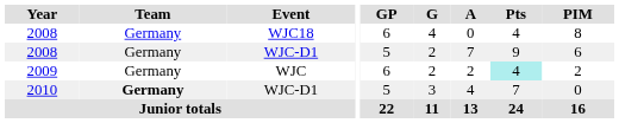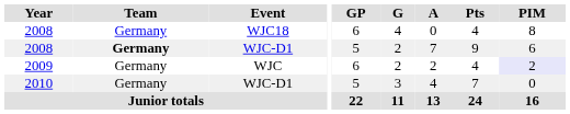 <table border="0" cellpadding="1" cellspacing="0" ID="Table3" style="text-align:center; width:40em">
 <tr ALIGN="center" bgcolor="#e0e0e0">
 <th>Year</th>
 <th>Team</th>
 <th>Event</th>
 <th rowspan="99" bgcolor="#ffffff"></th>
 <th>GP</th>
 <th>G</th>
 <th>A</th>
 <th>Pts</th>
 <th>PIM</th>
 </tr>
 <tr ALIGN="center">
 <td><a href='#'>2008</a></td>
 <td><a href='#'>Germany</a></td>
 <td><a href='#'>WJC18</a></td>
 <td>6</td>
 <td>4</td>
 <td>0</td>
 <td>4</td>
 <td>8</td>
 </tr>
 <tr ALIGN="center" bgcolor="#f0f0f0">
 <td><a href='#'>2008</a></td>
-<td>Germany</td>
+<td><strong>Germany</strong></td>
 <td><a href='#'>WJC-D1</a></td>
 <td>5</td>
 <td>2</td>
 <td>7</td>
 <td>9</td>
 <td>6</td>
 </tr>
 <tr ALIGN="center">
 <td><a href='#'>2009</a></td>
 <td>Germany</td>
 <td>WJC</td>
 <td>6</td>
 <td>2</td>
 <td>2</td>
-<td style="background: paleturquoise;">4</td>
-<td>2</td>
+<td>4</td>
+<td style="background: lavender;">2</td>
 </tr>
 <tr ALIGN="center" bgcolor="#f0f0f0">
 <td><a href='#'>2010</a></td>
-<td><strong>Germany</strong></td>
+<td>Germany</td>
 <td>WJC-D1</td>
 <td>5</td>
 <td>3</td>
 <td>4</td>
 <td>7</td>
 <td>0</td>
 </tr>
 <tr bgcolor="#e0e0e0">
 <th colspan="3">Junior totals</th>
 <th>22</th>
 <th>11</th>
 <th>13</th>
 <th>24</th>
 <th>16</th>
 </tr>
 </table>
